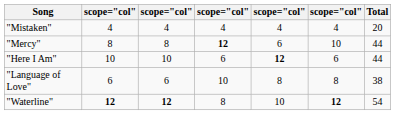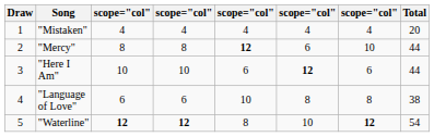 <table class="wikitable mw-collapsible collapsible" style="margin: 1em auto 1em auto; text-align:center;">
 <tr>
+<th>Draw</th>
 <th>Song</th>
 <th>scope="col" </th>
 <th>scope="col" </th>
 <th>scope="col" </th>
 <th>scope="col" </th>
 <th>scope="col" </th>
 <th>Total</th>
 </tr>
 <tr>
+<td>1</td>
 <td align="left">"Mistaken"</td>
 <td>4</td>
 <td>4</td>
 <td>4</td>
 <td>4</td>
 <td>4</td>
 <td>20</td>
 </tr>
 <tr>
+<td>2</td>
 <td align="left">"Mercy"</td>
 <td>8</td>
 <td>8</td>
 <td><strong>12</strong></td>
 <td>6</td>
 <td>10</td>
 <td>44</td>
 </tr>
 <tr>
+<td>3</td>
 <td align="left">"Here I Am"</td>
 <td>10</td>
 <td>10</td>
 <td>6</td>
 <td><strong>12</strong></td>
 <td>6</td>
 <td>44</td>
 </tr>
 <tr>
+<td>4</td>
 <td align="left">"Language of Love"</td>
 <td>6</td>
 <td>6</td>
 <td>10</td>
 <td>8</td>
 <td>8</td>
 <td>38</td>
 </tr>
 <tr>
+<td>5</td>
 <td align="left">"Waterline"</td>
 <td><strong>12</strong></td>
 <td><strong>12</strong></td>
 <td>8</td>
 <td>10</td>
 <td><strong>12</strong></td>
 <td>54</td>
 </tr>
 </table>
